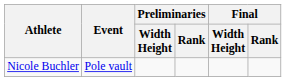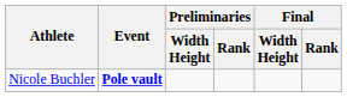 <table class=wikitable style="font-size:90%;">
 <tr>
 <th rowspan="2">Athlete</th>
 <th rowspan="2">Event</th>
 <th colspan="2">Preliminaries</th>
 <th colspan="2">Final</th>
 </tr>
 <tr>
 <th>Width<br>Height</th>
 <th>Rank</th>
 <th>Width<br>Height</th>
 <th>Rank</th>
 </tr>
 <tr style="border-top: single;">
 <td><a href='#'>Nicole Buchler</a></td>
-<td><a href='#'>Pole vault</a></td>
+<td><strong><a href='#'>Pole vault</a></strong></td>
 <td align=center></td>
 <td align=center></td>
 <td align=center></td>
 <td align=center></td>
 </tr>
 </table>
